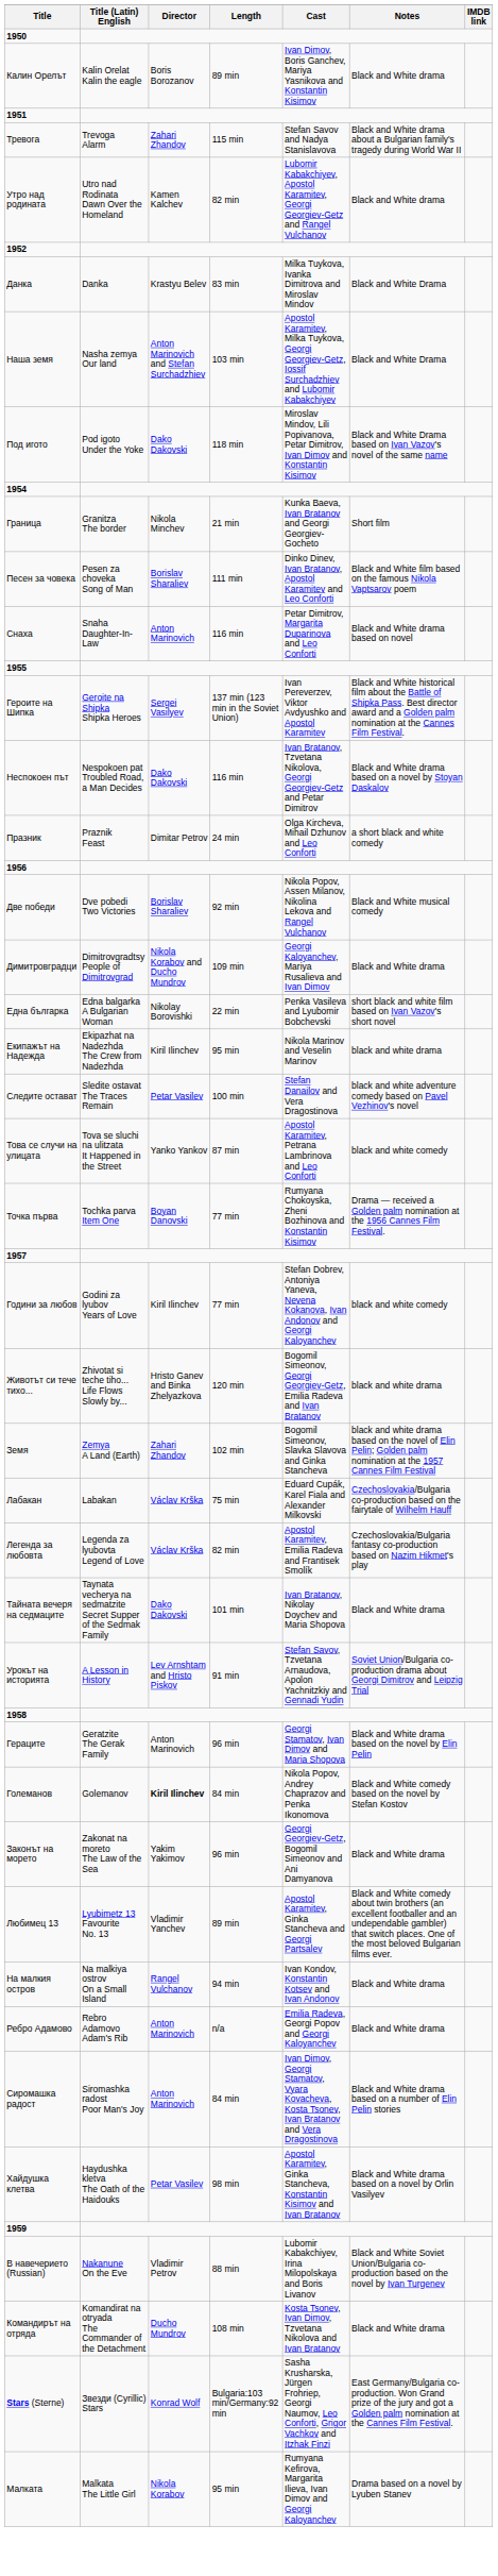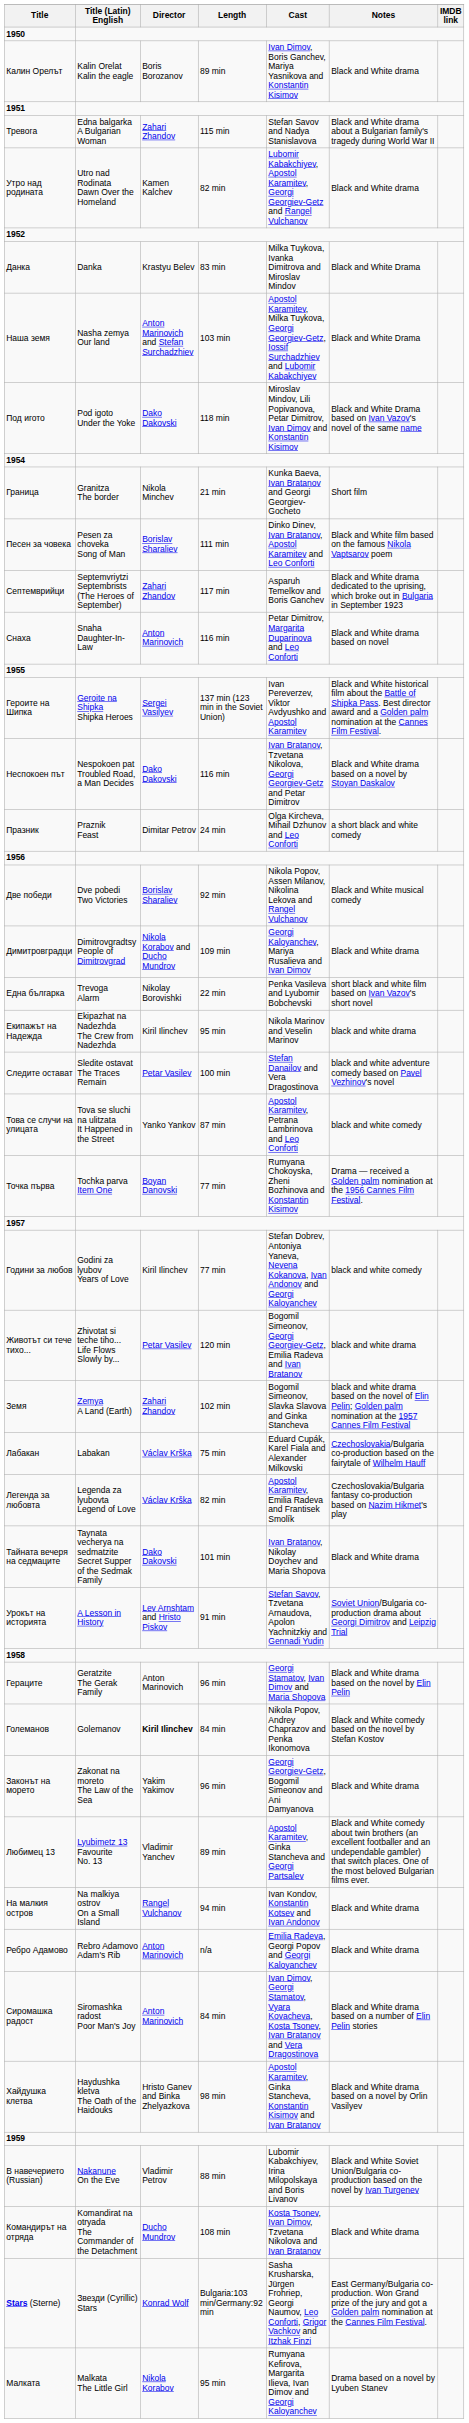 <table class="wikitable sortable">
 <tr>
 </tr>
 <tr>
 <th>Title</th>
 <th>Title (Latin)<br>English</th>
 <th>Director</th>
 <th>Length</th>
 <th>Cast</th>
 <th>Notes</th>
 <th>IMDB link</th>
 </tr>
 <tr>
 <td><strong>1950</strong></td>
 </tr>
 <tr>
 <td>Калин Орелът</td>
 <td>Kalin Orelat<br>Kalin the eagle</td>
 <td>Boris Borozanov</td>
 <td>89 min</td>
 <td><a href='#'>Ivan Dimov</a>, Boris Ganchev, Mariya Yasnikova and <a href='#'>Konstantin Kisimov</a></td>
 <td>Black and White drama</td>
 <td></td>
 </tr>
 <tr>
 <td><strong>1951</strong></td>
 </tr>
 <tr>
 <td>Тревога</td>
-<td>Trevoga<br>Alarm</td>
+<td>Edna balgarka<br>A Bulgarian Woman</td>
 <td><a href='#'>Zahari Zhandov</a></td>
 <td>115 min</td>
 <td>Stefan Savov and Nadya Stanislavova</td>
 <td>Black and White drama about a Bulgarian family's tragedy during World War II</td>
 <td></td>
 </tr>
 <tr>
 <td>Утро над родината</td>
 <td>Utro nad Rodinata<br>Dawn Over the Homeland</td>
 <td>Kamen Kalchev</td>
 <td>82 min</td>
 <td><a href='#'>Lubomir Kabakchiyev</a>, <a href='#'>Apostol Karamitev</a>, <a href='#'>Georgi Georgiev-Getz</a> and <a href='#'>Rangel Vulchanov</a></td>
 <td>Black and White drama</td>
 <td></td>
 </tr>
 <tr>
 <td><strong>1952</strong></td>
 </tr>
 <tr>
 <td>Данка</td>
 <td>Danka</td>
 <td>Krastyu Belev</td>
 <td>83 min</td>
 <td>Milka Tuykova, Ivanka Dimitrova and Miroslav Mindov</td>
 <td>Black and White Drama</td>
 <td></td>
 </tr>
 <tr>
 <td>Наша земя</td>
 <td>Nasha zemya<br>Our land</td>
 <td><a href='#'>Anton Marinovich</a> and <a href='#'>Stefan Surchadzhiev</a></td>
 <td>103 min</td>
 <td><a href='#'>Apostol Karamitev</a>, Milka Tuykova, <a href='#'>Georgi Georgiev-Getz</a>, <a href='#'>Iossif Surchadzhiev</a> and <a href='#'>Lubomir Kabakchiyev</a></td>
 <td>Black and White Drama</td>
 <td></td>
 </tr>
 <tr>
 <td>Под игото</td>
 <td>Pod igoto<br>Under the Yoke</td>
 <td><a href='#'>Dako Dakovski</a></td>
 <td>118 min</td>
 <td>Miroslav Mindov, Lili Popivanova, Petar Dimitrov, <a href='#'>Ivan Dimov</a> and <a href='#'>Konstantin Kisimov</a></td>
 <td>Black and White Drama based on <a href='#'>Ivan Vazov</a>'s novel of the same <a href='#'>name</a></td>
 <td></td>
 </tr>
 <tr>
 <td><strong>1954</strong></td>
 </tr>
 <tr>
 <td>Граница</td>
 <td>Granitza<br>The border</td>
 <td>Nikola Minchev</td>
 <td>21 min</td>
 <td>Kunka Baeva, <a href='#'>Ivan Bratanov</a> and Georgi Georgiev-Gocheto</td>
 <td>Short film</td>
 <td></td>
 </tr>
 <tr>
 <td>Песен за човека</td>
 <td>Pesen za choveka<br>Song of Man</td>
 <td><a href='#'>Borislav Sharaliev</a></td>
 <td>111 min</td>
 <td>Dinko Dinev, <a href='#'>Ivan Bratanov</a>, <a href='#'>Apostol Karamitev</a> and <a href='#'>Leo Conforti</a></td>
 <td>Black and White film based on the famous <a href='#'>Nikola Vaptsarov</a> poem</td>
 <td></td>
 </tr>
 <tr>
+<td>Септемврийци</td>
+<td>Septemvriytzi<br>Septembrists (The Heroes of September)</td>
+<td><a href='#'>Zahari Zhandov</a></td>
+<td>117 min</td>
+<td>Asparuh Temelkov and Boris Ganchev</td>
+<td>Black and White drama dedicated to the uprising, which broke out in <a href='#'>Bulgaria</a> in September 1923</td>
+<td></td>
+</tr>
+<tr>
 <td>Снаха</td>
 <td>Snaha<br>Daughter-In-Law</td>
 <td><a href='#'>Anton Marinovich</a></td>
 <td>116 min</td>
 <td>Petar Dimitrov, <a href='#'>Margarita Duparinova</a> and <a href='#'>Leo Conforti</a></td>
 <td>Black and White drama based on novel</td>
 <td></td>
 </tr>
 <tr>
 <td><strong>1955</strong></td>
 </tr>
 <tr>
 <td>Героите на Шипка</td>
 <td><a href='#'>Geroite na Shipka</a><br>Shipka Heroes</td>
 <td><a href='#'>Sergei Vasilyev</a></td>
 <td>137 min (123 min in the Soviet Union)</td>
 <td>Ivan Pereverzev, Viktor Avdyushko and <a href='#'>Apostol Karamitev</a></td>
 <td>Black and White historical film about the <a href='#'>Battle of Shipka Pass</a>. Best director award and a <a href='#'>Golden palm</a> nomination at the <a href='#'>Cannes Film Festival</a>.</td>
 <td></td>
 </tr>
 <tr>
 <td>Неспокоен път</td>
 <td>Nespokoen pat<br>Troubled Road, a Man Decides</td>
 <td><a href='#'>Dako Dakovski</a></td>
 <td>116 min</td>
 <td><a href='#'>Ivan Bratanov</a>, Tzvetana Nikolova, <a href='#'>Georgi Georgiev-Getz</a> and Petar Dimitrov</td>
 <td>Black and White drama based on a novel by <a href='#'>Stoyan Daskalov</a></td>
 <td></td>
 </tr>
 <tr>
 <td>Празник</td>
 <td>Praznik<br>Feast</td>
 <td>Dimitar Petrov</td>
 <td>24 min</td>
 <td>Olga Kircheva, Mihail Dzhunov and <a href='#'>Leo Conforti</a></td>
 <td>a short black and white comedy</td>
 <td></td>
 </tr>
 <tr>
 <td><strong>1956</strong></td>
 </tr>
 <tr>
 <td>Две победи</td>
 <td>Dve pobedi<br>Two Victories</td>
 <td><a href='#'>Borislav Sharaliev</a></td>
 <td>92 min</td>
 <td>Nikola Popov, Assen Milanov, Nikolina Lekova and <a href='#'>Rangel Vulchanov</a></td>
 <td>Black and White musical comedy</td>
 <td></td>
 </tr>
 <tr>
 <td>Димитровградци</td>
 <td>Dimitrovgradtsy<br>People of <a href='#'>Dimitrovgrad</a></td>
 <td><a href='#'>Nikola Korabov</a> and <a href='#'>Ducho Mundrov</a></td>
 <td>109 min</td>
 <td><a href='#'>Georgi Kaloyanchev</a>, Mariya Rusalieva and <a href='#'>Ivan Dimov</a></td>
 <td>Black and White drama</td>
 <td></td>
 </tr>
 <tr>
 <td>Една българка</td>
-<td>Edna balgarka<br>A Bulgarian Woman</td>
+<td>Trevoga<br>Alarm</td>
 <td>Nikolay Borovishki</td>
 <td>22 min</td>
 <td>Penka Vasileva and Lyubomir Bobchevski</td>
 <td>short black and white film based on <a href='#'>Ivan Vazov</a>'s short novel</td>
 <td></td>
 </tr>
 <tr>
 <td>Екипажът на Надежда</td>
 <td>Ekipazhat na Nadezhda<br>The Crew from Nadezhda</td>
 <td>Kiril Ilinchev</td>
 <td>95 min</td>
 <td>Nikola Marinov and Veselin Marinov</td>
 <td>black and white drama</td>
 <td></td>
 </tr>
 <tr>
 <td>Следите остават</td>
 <td>Sledite ostavat<br>The Traces Remain</td>
 <td><a href='#'>Petar Vasilev</a></td>
 <td>100 min</td>
 <td><a href='#'>Stefan Danailov</a> and Vera Dragostinova</td>
 <td>black and white adventure comedy based on <a href='#'>Pavel Vezhinov</a>'s novel</td>
 <td></td>
 </tr>
 <tr>
 <td>Това се случи на улицата</td>
 <td>Tova se sluchi na ulitzata<br>It Happened in the Street</td>
 <td>Yanko Yankov</td>
 <td>87 min</td>
 <td><a href='#'>Apostol Karamitev</a>, Petrana Lambrinova and <a href='#'>Leo Conforti</a></td>
 <td>black and white comedy</td>
 <td></td>
 </tr>
 <tr>
 <td>Точка първа</td>
 <td>Tochka parva<br><a href='#'>Item One</a></td>
 <td><a href='#'>Boyan Danovski</a></td>
 <td>77 min</td>
 <td>Rumyana Chokoyska, Zheni Bozhinova and <a href='#'>Konstantin Kisimov</a></td>
 <td>Drama — received a <a href='#'>Golden palm</a> nomination at the <a href='#'>1956 Cannes Film Festival</a>.</td>
 <td></td>
 </tr>
 <tr>
 <td><strong>1957</strong></td>
 </tr>
 <tr>
 <td>Години за любов</td>
 <td>Godini za lyubov<br>Years of Love</td>
 <td>Kiril Ilinchev</td>
 <td>77 min</td>
 <td>Stefan Dobrev, Antoniya Yaneva, <a href='#'>Nevena Kokanova</a>, <a href='#'>Ivan Andonov</a> and <a href='#'>Georgi Kaloyanchev</a></td>
 <td>black and white comedy</td>
 <td></td>
 </tr>
 <tr>
 <td>Животът си тече тихо...</td>
 <td>Zhivotat si teche tiho...<br>Life Flows Slowly by...</td>
-<td>Hristo Ganev and Binka Zhelyazkova</td>
+<td><a href='#'>Petar Vasilev</a></td>
 <td>120 min</td>
 <td>Bogomil Simeonov, <a href='#'>Georgi Georgiev-Getz</a>, Emilia Radeva and <a href='#'>Ivan Bratanov</a></td>
 <td>black and white drama</td>
 <td></td>
 </tr>
 <tr>
 <td>Земя</td>
 <td><a href='#'>Zemya</a><br>A Land (Earth)</td>
 <td><a href='#'>Zahari Zhandov</a></td>
 <td>102 min</td>
 <td>Bogomil Simeonov, Slavka Slavova and Ginka Stancheva</td>
 <td>black and white drama based on the novel of <a href='#'>Elin Pelin</a>; <a href='#'>Golden palm</a> nomination at the <a href='#'>1957 Cannes Film Festival</a></td>
 <td></td>
 </tr>
 <tr>
 <td>Лабакан</td>
 <td>Labakan</td>
 <td><a href='#'>Václav Krška</a></td>
 <td>75 min</td>
 <td>Eduard Cupák, Karel Fiala and Alexander Milkovski</td>
 <td><a href='#'>Czechoslovakia</a>/Bulgaria co-production based on the fairytale of <a href='#'>Wilhelm Hauff</a></td>
 <td></td>
 </tr>
 <tr>
 <td>Легенда за любовта</td>
 <td>Legenda za lyubovta<br>Legend of Love</td>
 <td><a href='#'>Václav Krška</a></td>
 <td>82 min</td>
 <td><a href='#'>Apostol Karamitev</a>, Emilia Radeva and Frantisek Smolík</td>
 <td>Czechoslovakia/Bulgaria fantasy co-production based on <a href='#'>Nazim Hikmet</a>'s play</td>
 <td></td>
 </tr>
 <tr>
 <td>Тайната вечеря на седмаците</td>
 <td>Taynata vecherya na sedmatzite<br>Secret Supper of the Sedmak Family</td>
 <td><a href='#'>Dako Dakovski</a></td>
 <td>101 min</td>
 <td><a href='#'>Ivan Bratanov</a>, Nikolay Doychev and Maria Shopova</td>
 <td>Black and White drama</td>
 <td></td>
 </tr>
 <tr>
 <td>Урокът на историята</td>
 <td><a href='#'>A Lesson in History</a></td>
 <td><a href='#'>Lev Arnshtam</a> and <a href='#'>Hristo Piskov</a></td>
 <td>91 min</td>
 <td><a href='#'>Stefan Savov</a>, Tzvetana Arnaudova, Apolon Yachnitzkiy and <a href='#'>Gennadi Yudin</a></td>
 <td><a href='#'>Soviet Union</a>/Bulgaria co-production drama about <a href='#'>Georgi Dimitrov</a> and <a href='#'>Leipzig Trial</a></td>
 <td></td>
 </tr>
 <tr>
 <td><strong>1958</strong></td>
 </tr>
 <tr>
 <td>Гераците</td>
 <td>Geratzite<br>The Gerak Family</td>
 <td>Anton Marinovich</td>
 <td>96 min</td>
 <td><a href='#'>Georgi Stamatov</a>, <a href='#'>Ivan Dimov</a> and <a href='#'>Maria Shopova</a></td>
 <td>Black and White drama based on the novel by <a href='#'>Elin Pelin</a></td>
 <td></td>
 </tr>
 <tr>
 <td>Големанов</td>
 <td>Golemanov</td>
 <td><strong>Kiril Ilinchev</strong></td>
 <td>84 min</td>
 <td>Nikola Popov, Andrey Chaprazov and Penka Ikonomova</td>
 <td>Black and White comedy based on the novel by Stefan Kostov</td>
 <td></td>
 </tr>
 <tr>
 <td>Законът на морето</td>
 <td>Zakonat na moreto<br>The Law of the Sea</td>
 <td>Yakim Yakimov</td>
 <td>96 min</td>
 <td><a href='#'>Georgi Georgiev-Getz</a>, Bogomil Simeonov and Ani Damyanova</td>
 <td>Black and White drama</td>
 <td></td>
 </tr>
 <tr>
 <td>Любимец 13</td>
 <td><a href='#'>Lyubimetz 13</a><br>Favourite No. 13</td>
 <td>Vladimir Yanchev</td>
 <td>89 min</td>
 <td><a href='#'>Apostol Karamitev</a>, Ginka Stancheva and <a href='#'>Georgi Partsalev</a></td>
 <td>Black and White comedy about twin brothers (an excellent footballer and an undependable gambler) that switch places. One of the most beloved Bulgarian films ever.</td>
 <td></td>
 </tr>
 <tr>
 <td>На малкия остров</td>
 <td>Na malkiya ostrov<br>On a Small Island</td>
 <td><a href='#'>Rangel Vulchanov</a></td>
 <td>94 min</td>
 <td>Ivan Kondov, <a href='#'>Konstantin Kotsev</a> and <a href='#'>Ivan Andonov</a></td>
 <td>Black and White drama</td>
 <td></td>
 </tr>
 <tr>
 <td>Ребро Адамово</td>
 <td>Rebro Adamovo<br>Adam's Rib</td>
 <td><a href='#'>Anton Marinovich</a></td>
 <td>n/a</td>
 <td><a href='#'>Emilia Radeva</a>, Georgi Popov and <a href='#'>Georgi Kaloyanchev</a></td>
 <td>Black and White drama</td>
 <td></td>
 </tr>
 <tr>
 <td>Сиромашка радост</td>
 <td>Siromashka radost<br>Poor Man's Joy</td>
 <td><a href='#'>Anton Marinovich</a></td>
 <td>84 min</td>
 <td><a href='#'>Ivan Dimov</a>, <a href='#'>Georgi Stamatov</a>, <a href='#'>Vyara Kovacheva</a>, <a href='#'>Kosta Tsonev</a>, <a href='#'>Ivan Bratanov</a> and <a href='#'>Vera Dragostinova</a></td>
 <td>Black and White drama based on a number of <a href='#'>Elin Pelin</a> stories</td>
 <td></td>
 </tr>
 <tr>
 <td>Хайдушка клетва</td>
 <td>Haydushka kletva<br>The Oath of the Haidouks</td>
-<td><a href='#'>Petar Vasilev</a></td>
+<td>Hristo Ganev and Binka Zhelyazkova</td>
 <td>98 min</td>
 <td><a href='#'>Apostol Karamitev</a>, Ginka Stancheva, <a href='#'>Konstantin Kisimov</a> and <a href='#'>Ivan Bratanov</a></td>
 <td>Black and White drama based on a novel by Orlin Vasilyev</td>
 <td></td>
 </tr>
 <tr>
 <td><strong>1959</strong></td>
 </tr>
 <tr>
 <td>В навечерието (Russian)</td>
 <td><a href='#'>Nakanune</a><br>On the Eve</td>
 <td>Vladimir Petrov</td>
 <td>88 min</td>
 <td>Lubomir Kabakchiyev, Irina Milopolskaya and Boris Livanov</td>
 <td>Black and White Soviet Union/Bulgaria co-production based on the novel by <a href='#'>Ivan Turgenev</a></td>
 <td></td>
 </tr>
 <tr>
 <td>Командирът на отряда</td>
 <td>Komandirat na otryada<br>The Commander of the Detachment</td>
 <td><a href='#'>Ducho Mundrov</a></td>
 <td>108 min</td>
 <td><a href='#'>Kosta Tsonev</a>, <a href='#'>Ivan Dimov</a>, Tzvetana Nikolova and <a href='#'>Ivan Bratanov</a></td>
 <td>Black and White drama</td>
 <td></td>
 </tr>
 <tr>
 <td><strong><a href='#'>Stars</a></strong> (Sterne)</td>
 <td>Звезди (Cyrillic)<br>Stars</td>
 <td><a href='#'>Konrad Wolf</a></td>
 <td>Bulgaria:103 min/Germany:92 min</td>
 <td>Sasha Krusharska, Jürgen Frohriep, Georgi Naumov, <a href='#'>Leo Conforti</a>, <a href='#'>Grigor Vachkov</a> and <a href='#'>Itzhak Finzi</a></td>
 <td>East Germany/Bulgaria co-production. Won Grand prize of the jury and got a <a href='#'>Golden palm</a> nomination at the <a href='#'>Cannes Film Festival</a>.</td>
 <td></td>
 </tr>
 <tr>
 <td>Малката</td>
 <td>Malkata<br>The Little Girl</td>
 <td><a href='#'>Nikola Korabov</a></td>
 <td>95 min</td>
 <td>Rumyana Kefirova, Margarita Ilieva, Ivan Dimov and <a href='#'>Georgi Kaloyanchev</a></td>
 <td>Drama based on a novel by Lyuben Stanev</td>
 <td></td>
 </tr>
 </table>
